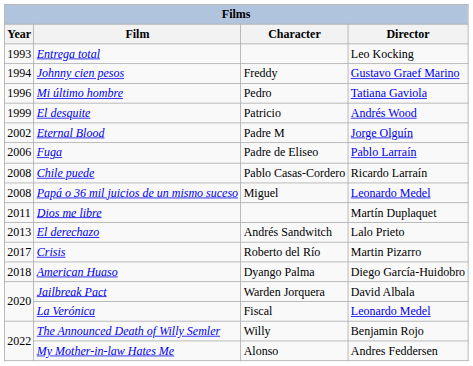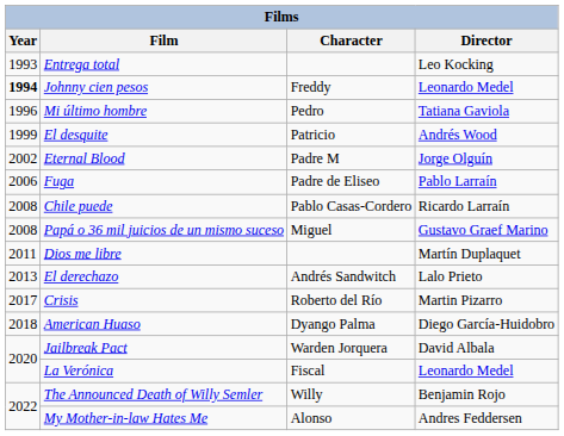 <table class="wikitable" style="font-size: 95%;">
 <tr>
 <th colspan="4" style="background: LightSteelBlue;">Films</th>
 </tr>
 <tr>
 <th>Year</th>
 <th>Film</th>
 <th>Character</th>
 <th>Director</th>
 </tr>
 <tr>
 <td>1993</td>
 <td><em><a href='#'>Entrega total</a></em></td>
 <td></td>
 <td>Leo Kocking</td>
 </tr>
 <tr>
-<td>1994</td>
+<td><strong>1994</strong></td>
 <td><em><a href='#'>Johnny cien pesos</a></em></td>
 <td>Freddy</td>
-<td><a href='#'>Gustavo Graef Marino</a></td>
+<td><a href='#'>Leonardo Medel</a></td>
 </tr>
 <tr>
 <td>1996</td>
 <td><em><a href='#'>Mi último hombre</a></em></td>
 <td>Pedro</td>
 <td><a href='#'>Tatiana Gaviola</a></td>
 </tr>
 <tr>
 <td>1999</td>
 <td><em><a href='#'>El desquite</a></em></td>
 <td>Patricio</td>
 <td><a href='#'>Andrés Wood</a></td>
 </tr>
 <tr>
 <td>2002</td>
 <td><em><a href='#'>Eternal Blood</a></em></td>
 <td>Padre M</td>
 <td><a href='#'>Jorge Olguín</a></td>
 </tr>
 <tr>
 <td>2006</td>
 <td><em><a href='#'>Fuga</a></em></td>
 <td>Padre de Eliseo</td>
 <td><a href='#'>Pablo Larraín</a></td>
 </tr>
 <tr>
 <td>2008</td>
 <td><em><a href='#'>Chile puede</a></em></td>
 <td>Pablo Casas-Cordero</td>
 <td>Ricardo Larraín</td>
 </tr>
 <tr>
 <td>2008</td>
 <td><em><a href='#'>Papá o 36 mil juicios de un mismo suceso</a></em></td>
 <td>Miguel</td>
-<td><a href='#'>Leonardo Medel</a></td>
+<td><a href='#'>Gustavo Graef Marino</a></td>
 </tr>
 <tr>
 <td>2011</td>
 <td><em><a href='#'>Dios me libre</a></em></td>
 <td></td>
 <td>Martín Duplaquet</td>
 </tr>
 <tr>
 <td>2013</td>
 <td><em><a href='#'>El derechazo</a></em></td>
 <td>Andrés Sandwitch</td>
 <td>Lalo Prieto</td>
 </tr>
 <tr>
 <td>2017</td>
 <td><em><a href='#'>Crisis</a></em></td>
 <td>Roberto del Río</td>
 <td>Martin Pizarro</td>
 </tr>
 <tr>
 <td>2018</td>
 <td><em><a href='#'>American Huaso</a></em></td>
 <td>Dyango Palma</td>
 <td>Diego García-Huidobro</td>
 </tr>
 <tr>
 <td rowspan="2">2020</td>
 <td><em><a href='#'>Jailbreak Pact</a></em></td>
 <td>Warden Jorquera</td>
 <td>David Albala</td>
 </tr>
 <tr>
 <td><em><a href='#'>La Verónica</a></em></td>
 <td>Fiscal</td>
 <td><a href='#'>Leonardo Medel</a></td>
 </tr>
 <tr>
 <td rowspan="2">2022</td>
 <td><em><a href='#'>The Announced Death of Willy Semler</a></em></td>
 <td>Willy</td>
 <td>Benjamin Rojo</td>
 </tr>
 <tr>
 <td><em><a href='#'>My Mother-in-law Hates Me</a></em></td>
 <td>Alonso</td>
 <td>Andres Feddersen</td>
 </tr>
 </table>
